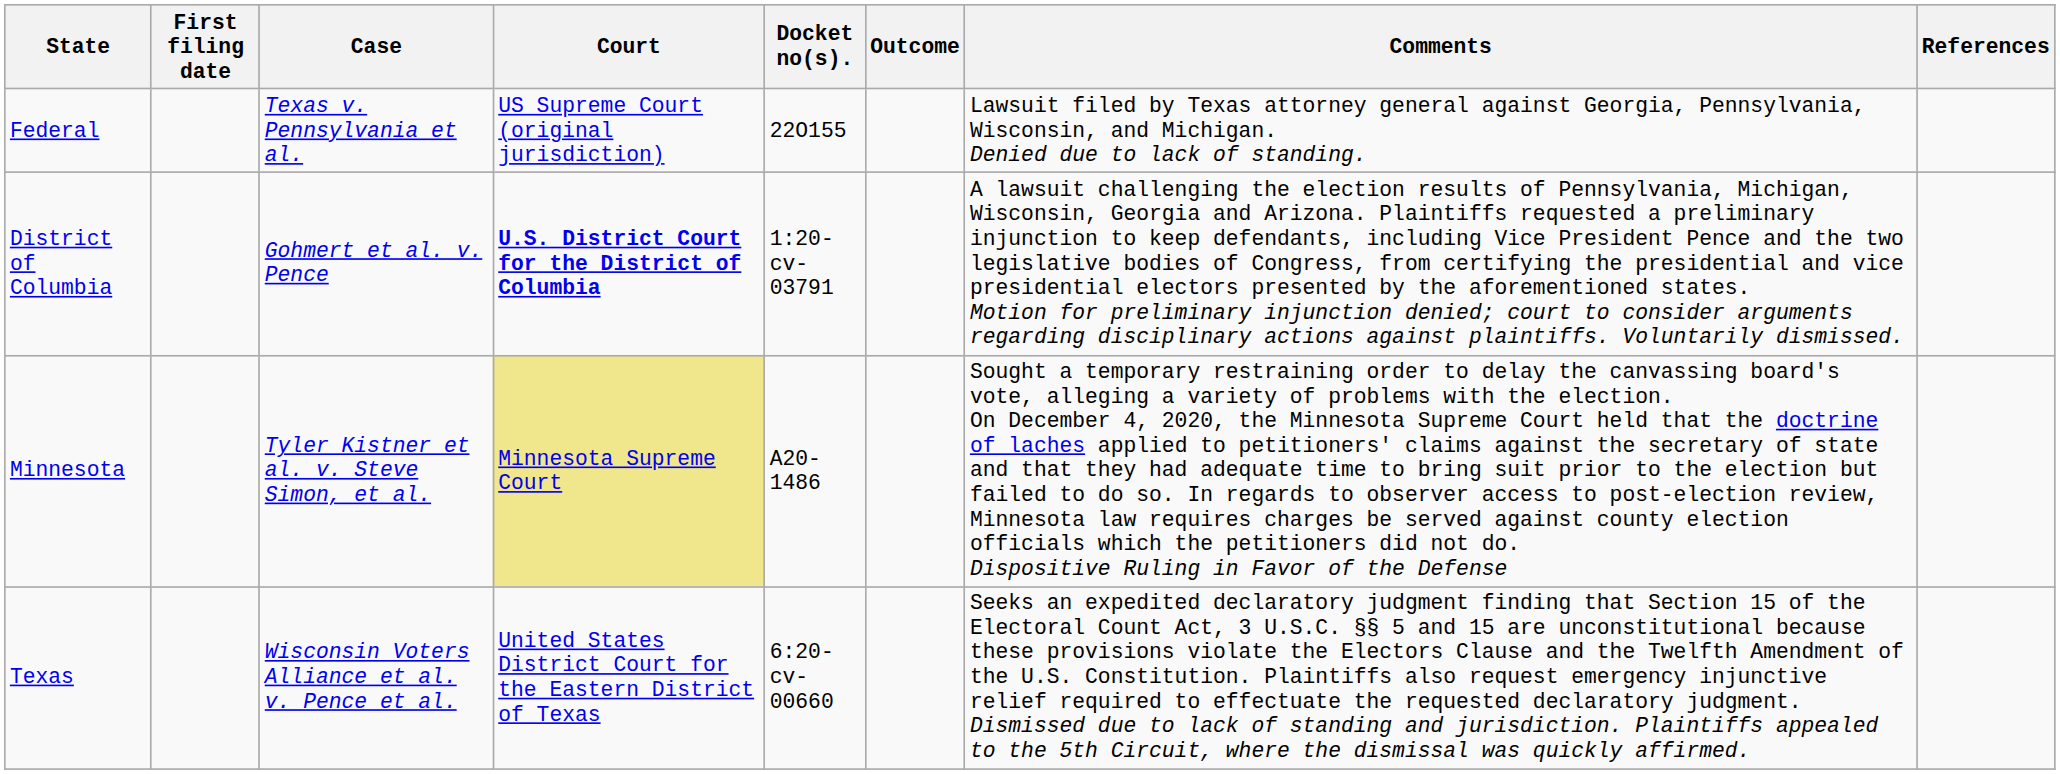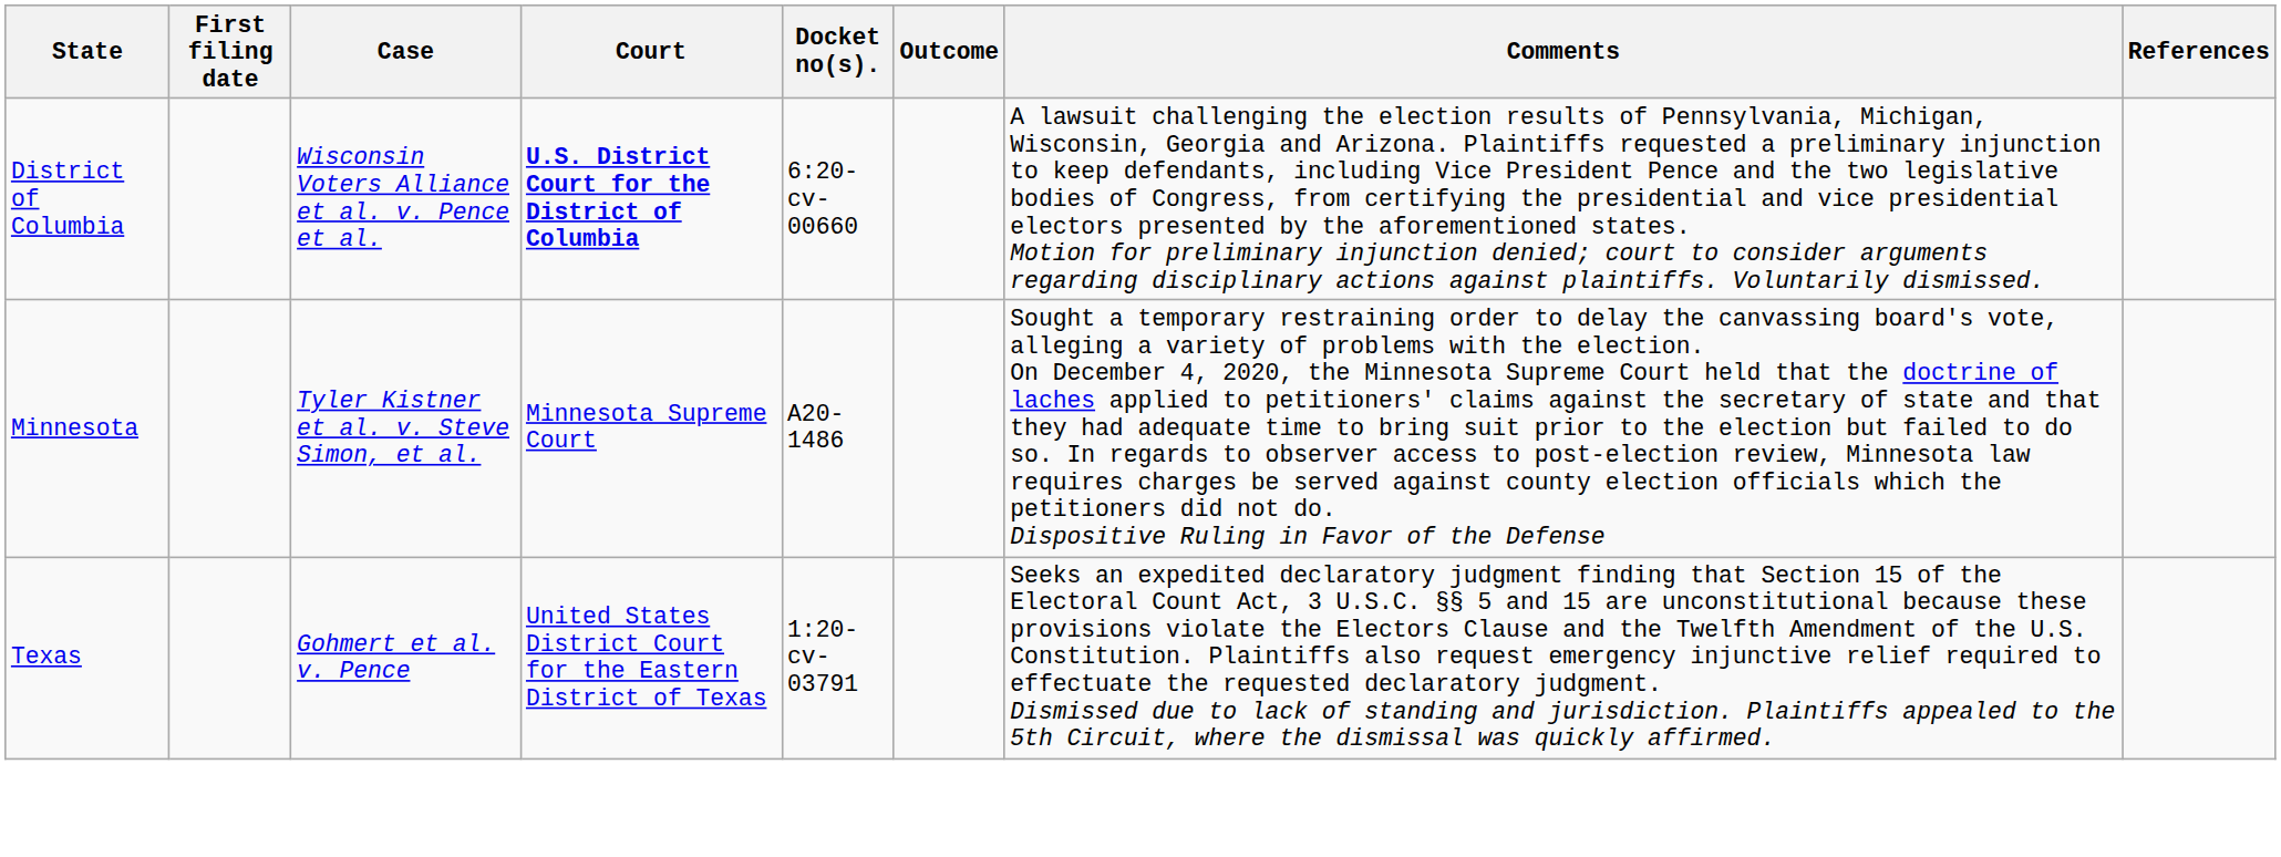 <table class="wikitable mw-collapsible">
 <tr>
 <th>State</th>
 <th>First filing date</th>
 <th>Case</th>
 <th>Court</th>
 <th>Docket no(s).</th>
 <th>Outcome</th>
 <th class=unsortable>Comments</th>
 <th class=unsortable>References</th>
 </tr>
 <tr>
-<td><a href='#'>Federal</a></td>
-<td></td>
-<td><em><a href='#'>Texas v. Pennsylvania et al.</a></em></td>
-<td><a href='#'>US Supreme Court</a> <a href='#'>(original jurisdiction)</a></td>
-<td>22O155</td>
-<td></td>
-<td>Lawsuit filed by Texas attorney general against Georgia, Pennsylvania, Wisconsin, and Michigan.<br><em>Denied due to lack of standing.</em></td>
-<td></td>
-</tr>
-<tr>
 <td><a href='#'>District of Columbia</a></td>
 <td></td>
-<td><em><a href='#'>Gohmert et al. v. Pence</a></em></td>
+<td><em><a href='#'>Wisconsin Voters Alliance et al. v. Pence et al.</a></em></td>
 <td><strong><a href='#'>U.S. District Court for the District of Columbia</a></strong></td>
-<td>1:20-cv-03791</td>
+<td>6:20-cv-00660</td>
 <td></td>
 <td>A lawsuit challenging the election results of Pennsylvania, Michigan, Wisconsin, Georgia and Arizona. Plaintiffs requested a preliminary injunction to keep defendants, including Vice President Pence and the two legislative bodies of Congress, from certifying the presidential and vice presidential electors presented by the aforementioned states.<br><em>Motion for preliminary injunction denied; court to consider arguments regarding disciplinary actions against plaintiffs. Voluntarily dismissed.</em></td>
 <td></td>
 </tr>
 <tr>
 <td><a href='#'>Minnesota</a></td>
 <td></td>
 <td><em><a href='#'>Tyler Kistner et al. v. Steve Simon, et al.</a></em></td>
-<td style="background: khaki;"><a href='#'>Minnesota Supreme Court</a></td>
+<td><a href='#'>Minnesota Supreme Court</a></td>
 <td>A20-1486</td>
 <td></td>
 <td>Sought a temporary restraining order to delay the canvassing board's vote, alleging a variety of problems with the election.<br>On December 4, 2020, the Minnesota Supreme Court held that the <a href='#'>doctrine of laches</a> applied to petitioners' claims against the secretary of state and that they had adequate time to bring suit prior to the election but failed to do so. In regards to observer access to post-election review, Minnesota law requires charges be served against county election officials which the petitioners did not do.<br><em>Dispositive Ruling in Favor of the Defense</em></td>
 <td></td>
 </tr>
 <tr>
 <td><a href='#'>Texas</a></td>
 <td></td>
-<td><em><a href='#'>Wisconsin Voters Alliance et al. v. Pence et al.</a></em></td>
+<td><em><a href='#'>Gohmert et al. v. Pence</a></em></td>
 <td><a href='#'>United States District Court for the Eastern District of Texas</a></td>
-<td>6:20-cv-00660</td>
+<td>1:20-cv-03791</td>
 <td></td>
 <td>Seeks an expedited declaratory judgment finding that Section 15 of the Electoral Count Act, 3 U.S.C. §§ 5 and 15 are unconstitutional because these provisions violate the Electors Clause and the Twelfth Amendment of the U.S. Constitution. Plaintiffs also request emergency injunctive relief required to effectuate the requested declaratory judgment.<br><em>Dismissed due to lack of standing and jurisdiction. Plaintiffs appealed to the 5th Circuit, where the dismissal was quickly affirmed.</em></td>
 <td><br><br> </td>
 </tr>
 </table>
